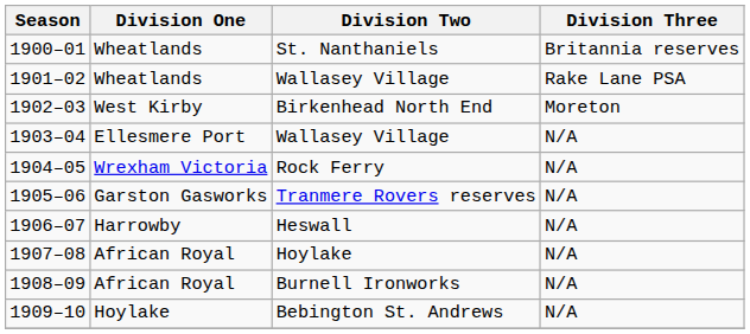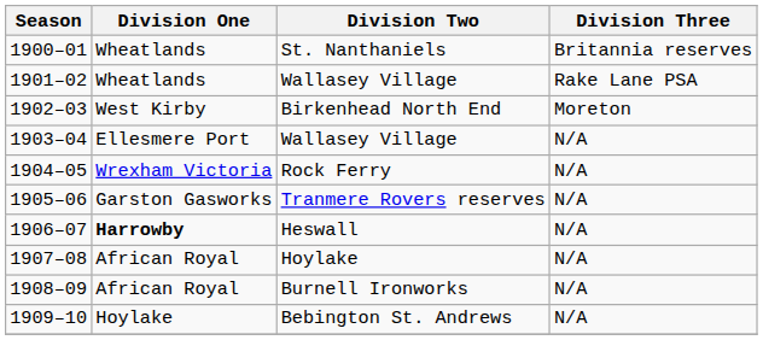 <table class="wikitable">
 <tr>
 <th>Season</th>
 <th>Division One</th>
 <th>Division Two</th>
 <th>Division Three</th>
 </tr>
 <tr>
 <td>1900–01</td>
 <td>Wheatlands</td>
 <td>St. Nanthaniels</td>
 <td>Britannia reserves</td>
 </tr>
 <tr>
 <td>1901–02</td>
 <td>Wheatlands</td>
 <td>Wallasey Village</td>
 <td>Rake Lane PSA</td>
 </tr>
 <tr>
 <td>1902–03</td>
 <td>West Kirby</td>
 <td>Birkenhead North End</td>
 <td>Moreton</td>
 </tr>
 <tr>
 <td>1903–04</td>
 <td>Ellesmere Port</td>
 <td>Wallasey Village</td>
 <td>N/A</td>
 </tr>
 <tr>
 <td>1904–05</td>
 <td><a href='#'>Wrexham Victoria</a></td>
 <td>Rock Ferry</td>
 <td>N/A</td>
 </tr>
 <tr>
 <td>1905–06</td>
 <td>Garston Gasworks</td>
 <td><a href='#'>Tranmere Rovers</a> reserves</td>
 <td>N/A</td>
 </tr>
 <tr>
 <td>1906–07</td>
-<td>Harrowby</td>
+<td><strong>Harrowby</strong></td>
 <td>Heswall</td>
 <td>N/A</td>
 </tr>
 <tr>
 <td>1907–08</td>
 <td>African Royal</td>
 <td>Hoylake</td>
 <td>N/A</td>
 </tr>
 <tr>
 <td>1908–09</td>
 <td>African Royal</td>
 <td>Burnell Ironworks</td>
 <td>N/A</td>
 </tr>
 <tr>
 <td>1909–10</td>
 <td>Hoylake</td>
 <td>Bebington St. Andrews</td>
 <td>N/A</td>
 </tr>
 <tr>
 </tr>
 </table>
